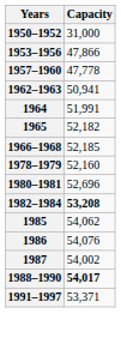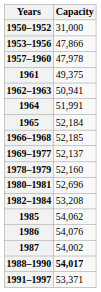 <table class="wikitable">
 <tr>
 <th scope="row">Years</th>
 <th scope="row">Capacity</th>
 </tr>
 <tr>
 <th scope="row">1950–1952</th>
 <td>31,000</td>
 </tr>
 <tr>
 <th scope="row">1953–1956</th>
 <td>47,866</td>
 </tr>
 <tr>
 <th scope="row">1957–1960</th>
-<td>47,778</td>
+<td>47,978</td>
+</tr>
+<tr>
+<th scope="row">1961</th>
+<td>49,375</td>
 </tr>
 <tr>
 <th scope="row">1962–1963</th>
 <td>50,941</td>
 </tr>
 <tr>
 <th scope="row">1964</th>
 <td>51,991</td>
 </tr>
 <tr>
 <th scope="row">1965</th>
-<td>52,182</td>
+<td>52,184</td>
 </tr>
 <tr>
 <th scope="row">1966–1968</th>
 <td>52,185</td>
+</tr>
+<tr>
+<th scope="row">1969–1977</th>
+<td>52,137</td>
 </tr>
 <tr>
 <th scope="row">1978–1979</th>
 <td>52,160</td>
 </tr>
 <tr>
 <th scope="row">1980–1981</th>
 <td>52,696</td>
 </tr>
 <tr>
 <th scope="row">1982–1984</th>
-<td><strong>53,208</strong></td>
+<td>53,208</td>
 </tr>
 <tr>
 <th scope="row">1985</th>
 <td>54,062</td>
 </tr>
 <tr>
 <th scope="row">1986</th>
 <td>54,076</td>
 </tr>
 <tr>
 <th scope="row">1987</th>
 <td>54,002</td>
 </tr>
 <tr>
 <th scope="row">1988–1990</th>
 <td><strong>54,017</strong></td>
 </tr>
 <tr>
 <th scope="row">1991–1997</th>
 <td>53,371</td>
 </tr>
 </table>
